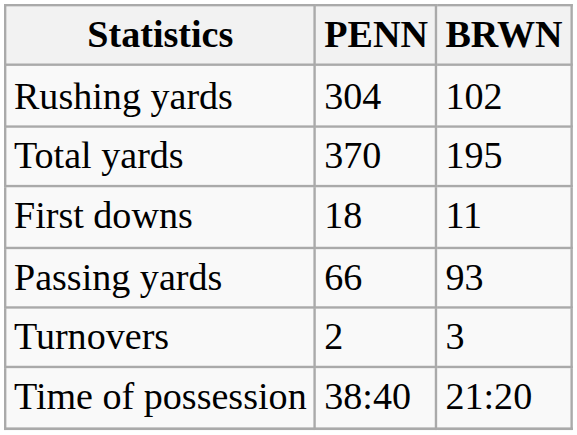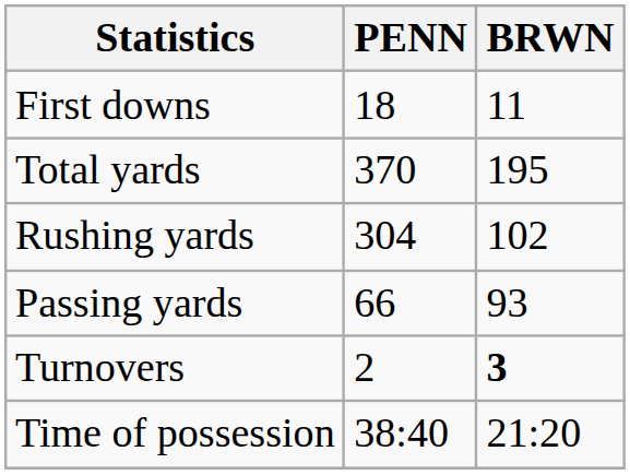 <table class="wikitable">
 <tr>
 <th>Statistics</th>
 <th>PENN</th>
 <th>BRWN</th>
 </tr>
 <tr>
-<td>Rushing yards</td>
-<td>304</td>
-<td>102</td>
+<td>First downs</td>
+<td>18</td>
+<td>11</td>
 </tr>
 <tr>
 <td>Total yards</td>
 <td>370</td>
 <td>195</td>
 </tr>
 <tr>
-<td>First downs</td>
-<td>18</td>
-<td>11</td>
+<td>Rushing yards</td>
+<td>304</td>
+<td>102</td>
 </tr>
 <tr>
 <td>Passing yards</td>
 <td>66</td>
 <td>93</td>
 </tr>
 <tr>
 <td>Turnovers</td>
 <td>2</td>
-<td>3</td>
+<td><strong>3</strong></td>
 </tr>
 <tr>
 <td>Time of possession</td>
 <td>38:40</td>
 <td>21:20</td>
 </tr>
 <tr>
 </tr>
 </table>
